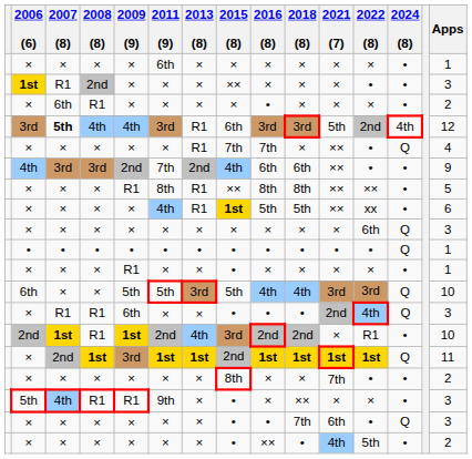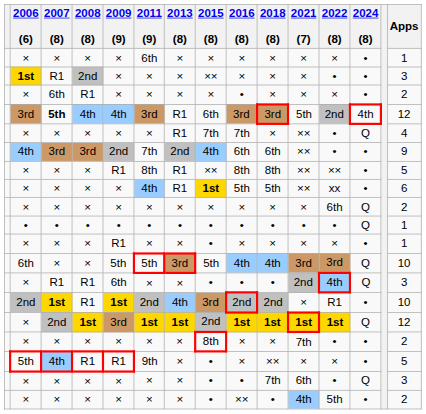 <table class="wikitable" style="text-align: center">
 <tr>
 <th></th>
 <th><a href='#'>2006</a><br> <br> (6)</th>
 <th><a href='#'>2007</a><br> <br> (8)</th>
 <th><a href='#'>2008</a><br> <br> (8)</th>
 <th><a href='#'>2009</a><br> <br> (9)</th>
 <th><a href='#'>2011</a><br> <br> (9)</th>
 <th><a href='#'>2013</a><br> <br> (8)</th>
 <th><a href='#'>2015</a><br> <br> (8)</th>
 <th><a href='#'>2016</a><br> <br> (8)</th>
 <th><a href='#'>2018</a><br> <br> (8)</th>
 <th><a href='#'>2021</a><br> <br> (7)</th>
 <th><a href='#'>2022</a><br> <br> (8)</th>
 <th><a href='#'>2024</a><br> <br> (8)</th>
 <th rowspan=20></th>
 <th>Apps<br><big></big></th>
 </tr>
 <tr>
 <td align=left></td>
 <td>×</td>
 <td>×</td>
 <td>×</td>
 <td>×</td>
 <td>6th</td>
 <td>×</td>
 <td>×</td>
 <td>×</td>
 <td>×</td>
 <td>×</td>
 <td>×</td>
 <td>•</td>
 <td>1</td>
 </tr>
 <tr>
 <td align=left></td>
 <td bgcolor=gold><strong>1st</strong></td>
 <td>R1</td>
 <td bgcolor=silver>2nd</td>
 <td>×</td>
 <td>×</td>
 <td>×</td>
 <td>××</td>
 <td>×</td>
 <td>×</td>
 <td>×</td>
 <td>•</td>
 <td>•</td>
 <td>3</td>
 </tr>
 <tr>
 <td align=left></td>
 <td>×</td>
 <td>6th</td>
 <td>R1</td>
 <td>×</td>
 <td>×</td>
 <td>×</td>
 <td>×</td>
 <td>•</td>
 <td>×</td>
 <td>×</td>
 <td>×</td>
 <td>•</td>
 <td>2</td>
 </tr>
 <tr>
 <td align=left></td>
 <td bgcolor=#cc9966>3rd</td>
 <td><strong>5th</strong></td>
 <td bgcolor=#9acdff>4th</td>
 <td bgcolor=#9acdff>4th</td>
 <td bgcolor=#cc9966>3rd</td>
 <td>R1</td>
 <td>6th</td>
 <td bgcolor=#cc9966>3rd</td>
 <td style="border:3px solid red" bgcolor=#cc9966>3rd</td>
 <td>5th</td>
 <td bgcolor=silver>2nd</td>
 <td style="border:3px solid red">4th</td>
 <td>12</td>
 </tr>
 <tr>
 <td align=left></td>
 <td>×</td>
 <td>×</td>
 <td>×</td>
 <td>×</td>
 <td>×</td>
 <td>R1</td>
 <td>7th</td>
 <td>7th</td>
 <td>×</td>
 <td>××</td>
 <td>•</td>
 <td>Q</td>
 <td>4</td>
 </tr>
 <tr>
 <td align=left></td>
 <td bgcolor=#9acdff>4th</td>
 <td bgcolor=#cc9966>3rd</td>
 <td bgcolor=#cc9966>3rd</td>
 <td bgcolor=silver>2nd</td>
 <td>7th</td>
 <td bgcolor=silver>2nd</td>
 <td bgcolor=#9acdff>4th</td>
 <td>6th</td>
 <td>6th</td>
 <td>××</td>
 <td>•</td>
 <td>•</td>
 <td>9</td>
 </tr>
 <tr>
 <td align=left></td>
 <td>×</td>
 <td>×</td>
 <td>×</td>
 <td>R1</td>
 <td>8th</td>
 <td>R1</td>
 <td>××</td>
 <td>8th</td>
 <td>8th</td>
 <td>××</td>
 <td>××</td>
 <td>•</td>
 <td>5</td>
 </tr>
 <tr>
 <td align=left></td>
 <td>×</td>
 <td>×</td>
 <td>×</td>
 <td>×</td>
 <td bgcolor=#9acdff>4th</td>
 <td>R1</td>
 <td bgcolor=gold><strong>1st</strong></td>
 <td>5th</td>
 <td>5th</td>
 <td>××</td>
 <td>xx</td>
 <td>•</td>
 <td>6</td>
 </tr>
 <tr>
 <td align=left></td>
 <td>×</td>
 <td>×</td>
 <td>×</td>
 <td>×</td>
 <td>×</td>
 <td>×</td>
 <td>×</td>
 <td>×</td>
 <td>×</td>
 <td>×</td>
 <td>6th</td>
 <td>Q</td>
-<td>3</td>
+<td>2</td>
 </tr>
 <tr>
 <td align=left></td>
 <td>•</td>
 <td>•</td>
 <td>•</td>
 <td>•</td>
 <td>•</td>
 <td>•</td>
 <td>•</td>
 <td>•</td>
 <td>•</td>
 <td>•</td>
 <td>•</td>
 <td>Q</td>
 <td>1</td>
 </tr>
 <tr>
 <td align=left></td>
 <td>×</td>
 <td>×</td>
 <td>×</td>
 <td>R1</td>
 <td>×</td>
 <td>×</td>
 <td>•</td>
 <td>×</td>
 <td>×</td>
 <td>×</td>
 <td>×</td>
 <td>•</td>
 <td>1</td>
 </tr>
 <tr>
 <td align=left></td>
 <td>6th</td>
 <td>×</td>
 <td>×</td>
 <td>5th</td>
 <td style="border:3px solid red">5th</td>
 <td bgcolor=#cc9966 style="border:3px solid red">3rd</td>
 <td>5th</td>
 <td bgcolor=#9acdff>4th</td>
 <td bgcolor=#9acdff>4th</td>
 <td bgcolor=#cc9966>3rd</td>
 <td bgcolor=#cc9966>3rd</td>
 <td>Q</td>
 <td>10</td>
 </tr>
 <tr>
 <td align=left></td>
 <td>×</td>
 <td>R1</td>
 <td>R1</td>
 <td>6th</td>
 <td>×</td>
 <td>×</td>
 <td>•</td>
 <td>•</td>
 <td>•</td>
 <td bgcolor=silver>2nd</td>
 <td style="border:3px solid red" bgcolor=#9acdff>4th</td>
 <td>Q</td>
 <td>3</td>
 </tr>
 <tr>
 <td align=left></td>
 <td bgcolor=silver>2nd</td>
 <td bgcolor=gold><strong>1st</strong></td>
 <td>R1</td>
 <td bgcolor=gold><strong>1st</strong></td>
 <td bgcolor=silver>2nd</td>
 <td bgcolor=#9acdff>4th</td>
 <td bgcolor=#cc9966>3rd</td>
 <td style="border:3px solid red" bgcolor=silver>2nd</td>
 <td bgcolor=silver>2nd</td>
 <td>×</td>
 <td>R1</td>
 <td>•</td>
 <td>10</td>
 </tr>
 <tr>
 <td align=left></td>
 <td>×</td>
 <td bgcolor=silver>2nd</td>
 <td bgcolor=gold><strong>1st</strong></td>
 <td bgcolor=#cc9966>3rd</td>
 <td bgcolor=gold><strong>1st</strong></td>
 <td bgcolor=gold><strong>1st</strong></td>
 <td bgcolor=silver>2nd</td>
 <td bgcolor=gold><strong>1st</strong></td>
 <td bgcolor=gold><strong>1st</strong></td>
 <td style="border:3px solid red" bgcolor=gold><strong>1st</strong></td>
 <td bgcolor=gold><strong>1st</strong></td>
 <td>Q</td>
-<td>11</td>
+<td>12</td>
 </tr>
 <tr>
 <td align=left></td>
 <td>×</td>
 <td>×</td>
 <td>×</td>
 <td>×</td>
 <td>×</td>
 <td>×</td>
 <td style="border:3px solid red">8th</td>
 <td>×</td>
 <td>×</td>
 <td>7th</td>
 <td>•</td>
 <td>•</td>
 <td>2</td>
 </tr>
 <tr>
 <td align=left></td>
 <td style="border:3px solid red">5th</td>
 <td bgcolor=#9acdff style="border:3px solid red">4th</td>
 <td style="border:3px solid red">R1</td>
 <td style="border:3px solid red">R1</td>
 <td>9th</td>
 <td>×</td>
 <td>•</td>
 <td>×</td>
 <td>××</td>
 <td>×</td>
 <td>×</td>
 <td>•</td>
-<td>3</td>
+<td>5</td>
 </tr>
 <tr>
 <td align=left></td>
 <td>×</td>
 <td>×</td>
 <td>×</td>
 <td>×</td>
 <td>×</td>
 <td>×</td>
 <td>•</td>
 <td>•</td>
 <td>7th</td>
 <td>6th</td>
 <td>•</td>
 <td>Q</td>
 <td>3</td>
 </tr>
 <tr>
 <td align=left></td>
 <td>×</td>
 <td>×</td>
 <td>×</td>
 <td>×</td>
 <td>×</td>
 <td>×</td>
 <td>•</td>
 <td>××</td>
 <td>•</td>
 <td bgcolor=#9acdff>4th</td>
 <td>5th</td>
 <td>•</td>
 <td>2</td>
 </tr>
 </table>
